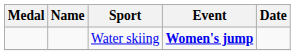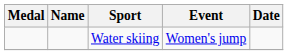 <table class="wikitable sortable" style="font-size:90%">
 <tr>
 <th>Medal</th>
 <th>Name</th>
 <th>Sport</th>
 <th>Event</th>
 <th>Date</th>
 </tr>
 <tr>
 <td></td>
 <td></td>
 <td><a href='#'>Water skiing</a></td>
-<td><strong><a href='#'>Women's jump</a></strong></td>
+<td><a href='#'>Women's jump</a></td>
 <td></td>
 </tr>
 <tr>
 </tr>
 </table>
